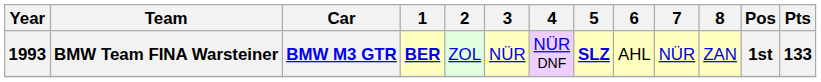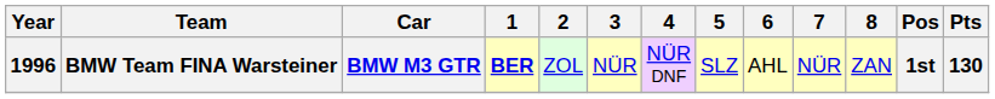 <table class="wikitable" style="text-align:center; font-size:85%">
 <tr>
 <th style="vertical-align:middle">Year</th>
 <th style="vertical-align:middle">Team</th>
 <th style="vertical-align:middle">Car</th>
 <th>1</th>
 <th>2</th>
 <th>3</th>
 <th>4</th>
 <th>5</th>
 <th>6</th>
 <th>7</th>
 <th>8</th>
 <th>Pos</th>
 <th>Pts</th>
 </tr>
 <tr>
-<th>1993</th>
+<th>1996</th>
 <th nowrap>BMW Team FINA Warsteiner</th>
 <th nowrap><a href='#'>BMW M3 GTR</a></th>
 <td style="background:#ffffbf;"><strong><a href='#'>BER</a><br></strong></td>
 <td style="background:#dfffdf;"><a href='#'>ZOL</a><br></td>
 <td style="background:#ffffbf;"><a href='#'>NÜR</a><br></td>
 <td style="background:#efcfff;"><a href='#'>NÜR</a><br><small>DNF</small></td>
-<td style="background:#ffffbf;"><strong><a href='#'>SLZ</a><br></strong></td>
+<td style="background:#ffffbf;"><a href='#'>SLZ</a><br></td>
 <td style="background:#ffffbf;">AHL<br></td>
 <td style="background:#ffffbf;"><a href='#'>NÜR</a><br></td>
 <td style="background:#ffffbf;"><a href='#'>ZAN</a><br></td>
 <th>1st</th>
-<th>133</th>
+<th>130</th>
 </tr>
 <tr>
 </tr>
 </table>
